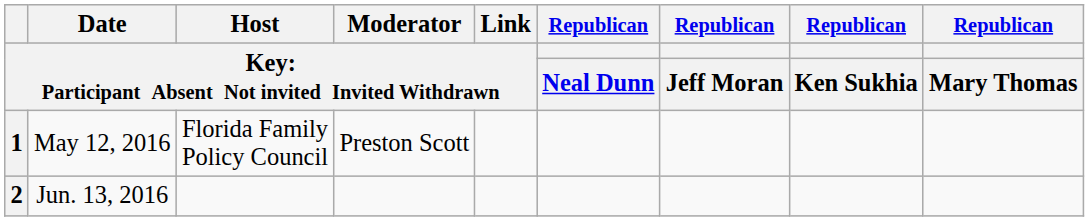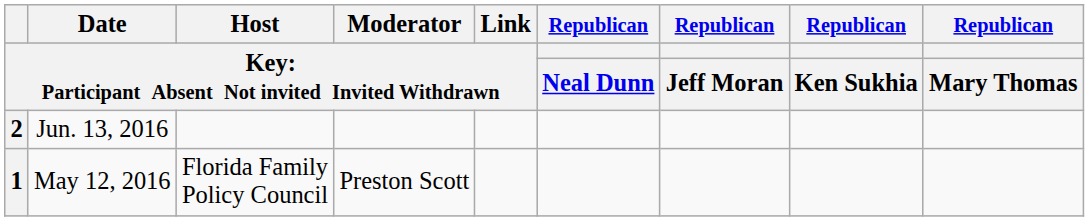 <table class="wikitable" style="text-align:center;">
 <tr>
 <th scope="col"></th>
 <th scope="col">Date</th>
 <th scope="col">Host</th>
 <th scope="col">Moderator</th>
 <th scope="col">Link</th>
 <th scope="col"><small><a href='#'>Republican</a></small></th>
 <th scope="col"><small><a href='#'>Republican</a></small></th>
 <th scope="col"><small><a href='#'>Republican</a></small></th>
 <th scope="col"><small><a href='#'>Republican</a></small></th>
 </tr>
 <tr>
 <th colspan="5" rowspan="2">Key:<br> <small>Participant </small>  <small>Absent </small>  <small>Not invited </small>  <small>Invited  Withdrawn</small></th>
 <th scope="col" style="background:"></th>
 <th scope="col" style="background:"></th>
 <th scope="col" style="background:"></th>
 <th scope="col" style="background:"></th>
 </tr>
 <tr>
 <th scope="col"><a href='#'>Neal Dunn</a></th>
 <th scope="col">Jeff Moran</th>
 <th scope="col">Ken Sukhia</th>
 <th scope="col">Mary Thomas</th>
 </tr>
 <tr>
+<th>2</th>
+<td style="white-space:nowrap;">Jun. 13, 2016</td>
+<td style="white-space:nowrap;"></td>
+<td style="white-space:nowrap;"></td>
+<td style="white-space:nowrap;"><br></td>
+<td></td>
+<td></td>
+<td></td>
+<td></td>
+</tr>
+<tr>
 <th>1</th>
 <td style="white-space:nowrap;">May 12, 2016</td>
 <td style="white-space:nowrap;">Florida Family<br>Policy Council</td>
 <td style="white-space:nowrap;">Preston Scott</td>
 <td style="white-space:nowrap;"></td>
 <td></td>
 <td></td>
 <td></td>
 <td></td>
 </tr>
-<tr>
-<th>2</th>
-<td style="white-space:nowrap;">Jun. 13, 2016</td>
-<td style="white-space:nowrap;"></td>
-<td style="white-space:nowrap;"></td>
-<td style="white-space:nowrap;"><br></td>
-<td></td>
-<td></td>
-<td></td>
-<td></td>
-</tr>
 </table>
